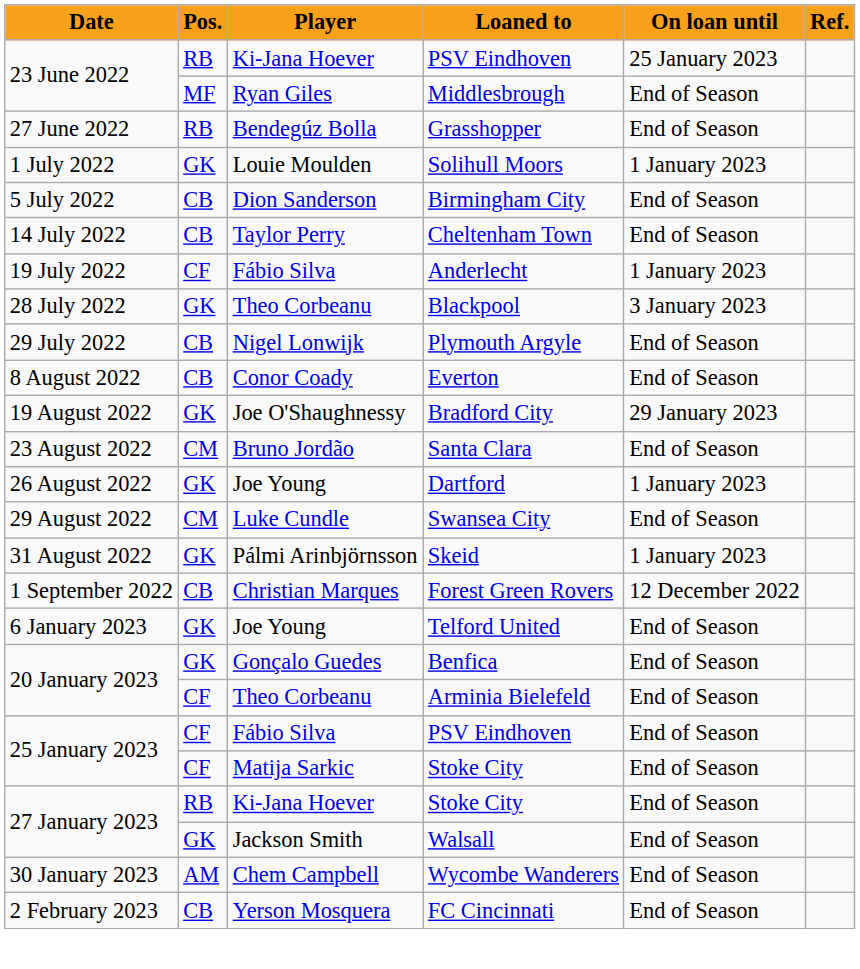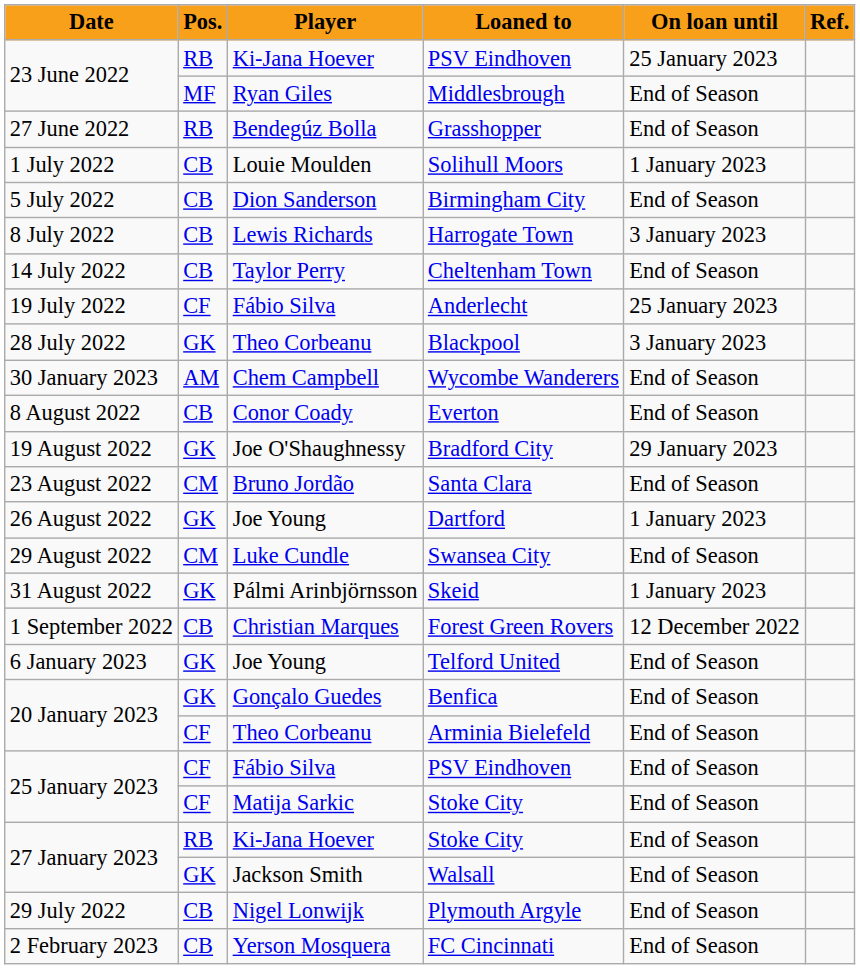 <table class="wikitable plainrowheaders sortable">
 <tr>
 <th style="background:#F9A01B; color:#000000; ">Date</th>
 <th style="background:#F9A01B; color:#000000; ">Pos.</th>
 <th style="background:#F9A01B; color:#000000; ">Player</th>
 <th style="background:#F9A01B; color:#000000; ">Loaned to</th>
 <th style="background:#F9A01B; color:#000000; ">On loan until</th>
 <th style="background:#F9A01B; color:#000000; ">Ref.</th>
 </tr>
 <tr>
 <td rowspan="2">23 June 2022</td>
 <td><a href='#'>RB</a></td>
 <td> <a href='#'>Ki-Jana Hoever</a></td>
 <td> <a href='#'>PSV Eindhoven</a></td>
 <td>25 January 2023</td>
 <td></td>
 </tr>
 <tr>
 <td><a href='#'>MF</a></td>
 <td> <a href='#'>Ryan Giles</a></td>
 <td> <a href='#'>Middlesbrough</a></td>
 <td>End of Season</td>
 <td></td>
 </tr>
 <tr>
 <td>27 June 2022</td>
 <td><a href='#'>RB</a></td>
 <td> <a href='#'>Bendegúz Bolla</a></td>
 <td> <a href='#'>Grasshopper</a></td>
 <td>End of Season</td>
 <td></td>
 </tr>
 <tr>
 <td>1 July 2022</td>
-<td><a href='#'>GK</a></td>
+<td><a href='#'>CB</a></td>
 <td> Louie Moulden</td>
 <td> <a href='#'>Solihull Moors</a></td>
 <td>1 January 2023</td>
 <td></td>
 </tr>
 <tr>
 <td>5 July 2022</td>
 <td><a href='#'>CB</a></td>
 <td> <a href='#'>Dion Sanderson</a></td>
 <td> <a href='#'>Birmingham City</a></td>
 <td>End of Season</td>
+<td></td>
+</tr>
+<tr>
+<td>8 July 2022</td>
+<td><a href='#'>CB</a></td>
+<td> <a href='#'>Lewis Richards</a></td>
+<td> <a href='#'>Harrogate Town</a></td>
+<td>3 January 2023</td>
 <td></td>
 </tr>
 <tr>
 <td>14 July 2022</td>
 <td><a href='#'>CB</a></td>
 <td> <a href='#'>Taylor Perry</a></td>
 <td> <a href='#'>Cheltenham Town</a></td>
 <td>End of Season</td>
 <td></td>
 </tr>
 <tr>
 <td>19 July 2022</td>
 <td><a href='#'>CF</a></td>
 <td> <a href='#'>Fábio Silva</a></td>
 <td> <a href='#'>Anderlecht</a></td>
-<td>1 January 2023</td>
+<td>25 January 2023</td>
 <td></td>
 </tr>
 <tr>
 <td>28 July 2022</td>
 <td><a href='#'>GK</a></td>
 <td> <a href='#'>Theo Corbeanu</a></td>
 <td> <a href='#'>Blackpool</a></td>
 <td>3 January 2023</td>
 <td></td>
 </tr>
 <tr>
-<td>29 July 2022</td>
-<td><a href='#'>CB</a></td>
-<td> <a href='#'>Nigel Lonwijk</a></td>
-<td> <a href='#'>Plymouth Argyle</a></td>
+<td>30 January 2023</td>
+<td><a href='#'>AM</a></td>
+<td> <a href='#'>Chem Campbell</a></td>
+<td> <a href='#'>Wycombe Wanderers</a></td>
 <td>End of Season</td>
 <td></td>
 </tr>
 <tr>
 <td>8 August 2022</td>
 <td><a href='#'>CB</a></td>
 <td> <a href='#'>Conor Coady</a></td>
 <td> <a href='#'>Everton</a></td>
 <td>End of Season</td>
 <td></td>
 </tr>
 <tr>
 <td>19 August 2022</td>
 <td><a href='#'>GK</a></td>
 <td> Joe O'Shaughnessy</td>
 <td> <a href='#'>Bradford City</a></td>
 <td>29 January 2023</td>
 <td></td>
 </tr>
 <tr>
 <td>23 August 2022</td>
 <td><a href='#'>CM</a></td>
 <td> <a href='#'>Bruno Jordão</a></td>
 <td> <a href='#'>Santa Clara</a></td>
 <td>End of Season</td>
 <td></td>
 </tr>
 <tr>
 <td>26 August 2022</td>
 <td><a href='#'>GK</a></td>
 <td> Joe Young</td>
 <td> <a href='#'>Dartford</a></td>
 <td>1 January 2023</td>
 <td></td>
 </tr>
 <tr>
 <td>29 August 2022</td>
 <td><a href='#'>CM</a></td>
 <td> <a href='#'>Luke Cundle</a></td>
 <td> <a href='#'>Swansea City</a></td>
 <td>End of Season</td>
 <td></td>
 </tr>
 <tr>
 <td>31 August 2022</td>
 <td><a href='#'>GK</a></td>
 <td> Pálmi Arinbjörnsson</td>
 <td> <a href='#'>Skeid</a></td>
 <td>1 January 2023</td>
 <td></td>
 </tr>
 <tr>
 <td>1 September 2022</td>
 <td><a href='#'>CB</a></td>
 <td> <a href='#'>Christian Marques</a></td>
 <td> <a href='#'>Forest Green Rovers</a></td>
 <td>12 December 2022</td>
 <td></td>
 </tr>
 <tr>
 <td>6 January 2023</td>
 <td><a href='#'>GK</a></td>
 <td> Joe Young</td>
 <td> <a href='#'>Telford United</a></td>
 <td>End of Season</td>
 <td></td>
 </tr>
 <tr>
 <td rowspan="2">20 January 2023</td>
 <td><a href='#'>GK</a></td>
 <td> <a href='#'>Gonçalo Guedes</a></td>
 <td> <a href='#'>Benfica</a></td>
 <td>End of Season</td>
 <td></td>
 </tr>
 <tr>
 <td><a href='#'>CF</a></td>
 <td> <a href='#'>Theo Corbeanu</a></td>
 <td> <a href='#'>Arminia Bielefeld</a></td>
 <td>End of Season</td>
 <td></td>
 </tr>
 <tr>
 <td rowspan="2">25 January 2023</td>
 <td><a href='#'>CF</a></td>
 <td> <a href='#'>Fábio Silva</a></td>
 <td> <a href='#'>PSV Eindhoven</a></td>
 <td>End of Season</td>
 <td></td>
 </tr>
 <tr>
 <td><a href='#'>CF</a></td>
 <td> <a href='#'>Matija Sarkic</a></td>
 <td> <a href='#'>Stoke City</a></td>
 <td>End of Season</td>
 <td></td>
 </tr>
 <tr>
 <td rowspan="2">27 January 2023</td>
 <td><a href='#'>RB</a></td>
 <td> <a href='#'>Ki-Jana Hoever</a></td>
 <td> <a href='#'>Stoke City</a></td>
 <td>End of Season</td>
 <td></td>
 </tr>
 <tr>
 <td><a href='#'>GK</a></td>
 <td> Jackson Smith</td>
 <td> <a href='#'>Walsall</a></td>
 <td>End of Season</td>
 <td></td>
 </tr>
 <tr>
-<td>30 January 2023</td>
-<td><a href='#'>AM</a></td>
-<td> <a href='#'>Chem Campbell</a></td>
-<td> <a href='#'>Wycombe Wanderers</a></td>
+<td>29 July 2022</td>
+<td><a href='#'>CB</a></td>
+<td> <a href='#'>Nigel Lonwijk</a></td>
+<td> <a href='#'>Plymouth Argyle</a></td>
 <td>End of Season</td>
 <td></td>
 </tr>
 <tr>
 <td>2 February 2023</td>
 <td><a href='#'>CB</a></td>
 <td> <a href='#'>Yerson Mosquera</a></td>
 <td> <a href='#'>FC Cincinnati</a></td>
 <td>End of Season</td>
 <td></td>
 </tr>
 </table>
